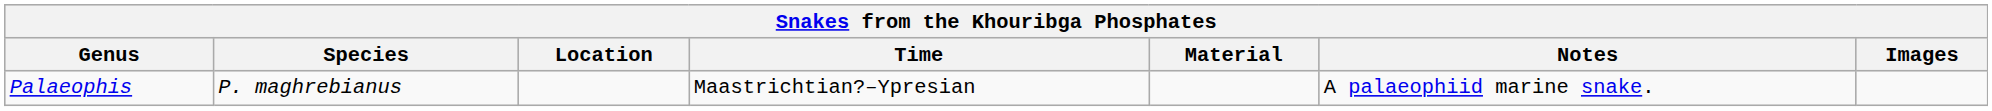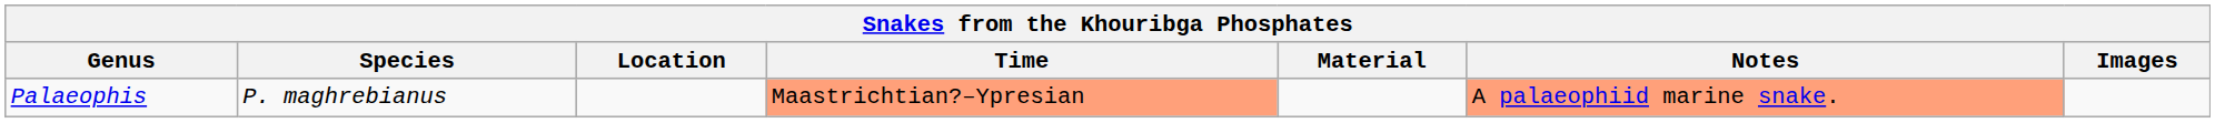 <table class="wikitable"  style="margin:auto; width:100%;">
 <tr>
 <th colspan="7" align="center"><strong><a href='#'>Snakes</a> from the Khouribga Phosphates</strong></th>
 </tr>
 <tr>
 <th>Genus</th>
 <th>Species</th>
 <th>Location</th>
 <th>Time</th>
 <th>Material</th>
 <th>Notes</th>
 <th>Images</th>
 </tr>
 <tr>
 <td><em><a href='#'>Palaeophis</a></em></td>
 <td><em>P. maghrebianus</em></td>
 <td></td>
-<td>Maastrichtian?–Ypresian</td>
+<td style="background: lightsalmon;">Maastrichtian?–Ypresian</td>
 <td></td>
-<td>A <a href='#'>palaeophiid</a> marine <a href='#'>snake</a>.</td>
+<td style="background: lightsalmon;">A <a href='#'>palaeophiid</a> marine <a href='#'>snake</a>.</td>
 <td></td>
 </tr>
 </table>
